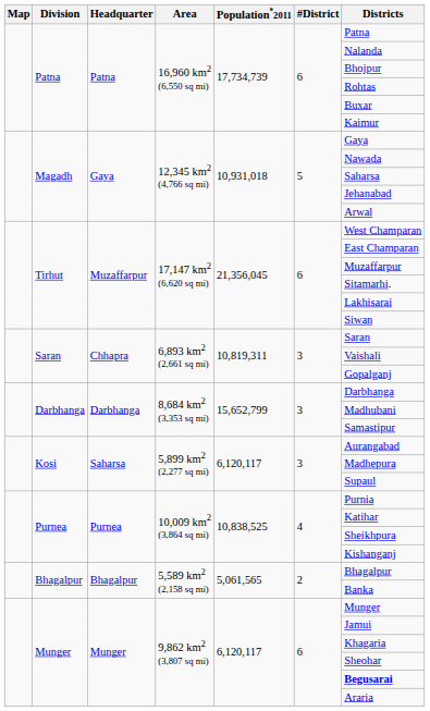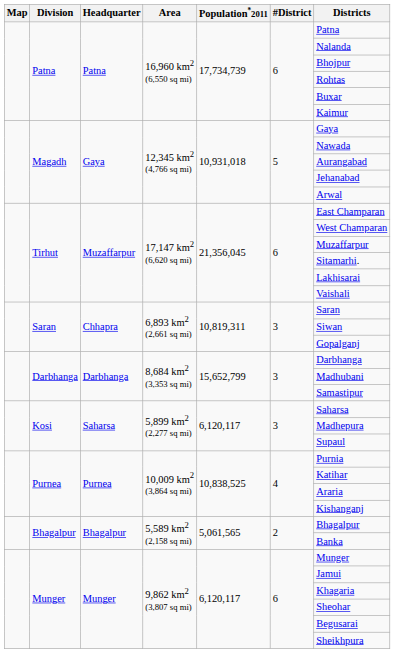 <table class="wikitable">
 <tr>
 <th>Map</th>
 <th>Division</th>
 <th>Headquarter</th>
 <th>Area</th>
 <th>Population<small><sup>*</sup>2011</small></th>
 <th>#District</th>
 <th>Districts</th>
 </tr>
 <tr>
 <td rowspan="6"></td>
 <td rowspan="6"><a href='#'>Patna</a></td>
 <td rowspan="6"><a href='#'>Patna</a></td>
 <td rowspan="6">16,960 km<sup>2</sup><br><small>(6,550 sq mi)</small></td>
 <td rowspan="6">17,734,739</td>
 <td rowspan="6">6</td>
 <td><a href='#'>Patna</a></td>
 </tr>
 <tr>
 <td><a href='#'>Nalanda</a></td>
 </tr>
 <tr>
 <td><a href='#'>Bhojpur</a></td>
 </tr>
 <tr>
 <td><a href='#'>Rohtas</a></td>
 </tr>
 <tr>
 <td><a href='#'>Buxar</a></td>
 </tr>
 <tr>
 <td><a href='#'>Kaimur</a></td>
 </tr>
 <tr>
 <td rowspan="5"></td>
 <td rowspan="5"><a href='#'>Magadh</a></td>
 <td rowspan="5"><a href='#'>Gaya</a></td>
 <td rowspan="5">12,345 km<sup>2</sup><br><small>(4,766 sq mi)</small></td>
 <td rowspan="5">10,931,018</td>
 <td rowspan="5">5</td>
 <td><a href='#'>Gaya</a></td>
 </tr>
 <tr>
 <td><a href='#'>Nawada</a></td>
 </tr>
 <tr>
-<td><a href='#'>Saharsa</a></td>
+<td><a href='#'>Aurangabad</a></td>
 </tr>
 <tr>
 <td><a href='#'>Jehanabad</a></td>
 </tr>
 <tr>
 <td><a href='#'>Arwal</a></td>
 </tr>
 <tr>
 <td rowspan="6"></td>
 <td rowspan="6"><a href='#'>Tirhut</a></td>
 <td rowspan="6"><a href='#'>Muzaffarpur</a></td>
 <td rowspan="6">17,147 km<sup>2</sup><br><small>(6,620 sq mi)</small></td>
 <td rowspan="6">21,356,045</td>
 <td rowspan="6">6</td>
-<td><a href='#'>West Champaran</a></td>
+<td><a href='#'>East Champaran</a></td>
 </tr>
 <tr>
-<td><a href='#'>East Champaran</a></td>
+<td><a href='#'>West Champaran</a></td>
 </tr>
 <tr>
 <td><a href='#'>Muzaffarpur</a></td>
 </tr>
 <tr>
 <td><a href='#'>Sitamarhi</a>.</td>
 </tr>
 <tr>
 <td><a href='#'>Lakhisarai</a></td>
 </tr>
 <tr>
-<td><a href='#'>Siwan</a></td>
+<td><a href='#'>Vaishali</a></td>
 </tr>
 <tr>
 <td rowspan="3"></td>
 <td rowspan="3"><a href='#'>Saran</a></td>
 <td rowspan="3"><a href='#'>Chhapra</a></td>
 <td rowspan="3">6,893 km<sup>2</sup><br><small>(2,661 sq mi)</small></td>
 <td rowspan="3">10,819,311</td>
 <td rowspan="3">3</td>
 <td><a href='#'>Saran</a></td>
 </tr>
 <tr>
-<td><a href='#'>Vaishali</a></td>
+<td><a href='#'>Siwan</a></td>
 </tr>
 <tr>
 <td><a href='#'>Gopalganj</a></td>
 </tr>
 <tr>
 <td rowspan="3"></td>
 <td rowspan="3"><a href='#'>Darbhanga</a></td>
 <td rowspan="3"><a href='#'>Darbhanga</a></td>
 <td rowspan="3">8,684 km<sup>2</sup><br><small>(3,353 sq mi)</small></td>
 <td rowspan="3">15,652,799</td>
 <td rowspan="3">3</td>
 <td><a href='#'>Darbhanga</a></td>
 </tr>
 <tr>
 <td><a href='#'>Madhubani</a></td>
 </tr>
 <tr>
 <td><a href='#'>Samastipur</a></td>
 </tr>
 <tr>
 <td rowspan="3"></td>
 <td rowspan="3"><a href='#'>Kosi</a></td>
 <td rowspan="3"><a href='#'>Saharsa</a></td>
 <td rowspan="3">5,899 km<sup>2</sup><br><small>(2,277 sq mi)</small></td>
 <td rowspan="3">6,120,117</td>
 <td rowspan="3">3</td>
-<td><a href='#'>Aurangabad</a></td>
+<td><a href='#'>Saharsa</a></td>
 </tr>
 <tr>
 <td><a href='#'>Madhepura</a></td>
 </tr>
 <tr>
 <td><a href='#'>Supaul</a></td>
 </tr>
 <tr>
 <td rowspan="4"></td>
 <td rowspan="4"><a href='#'>Purnea</a></td>
 <td rowspan="4"><a href='#'>Purnea</a></td>
 <td rowspan="4">10,009 km<sup>2</sup><br><small>(3,864 sq mi)</small></td>
 <td rowspan="4">10,838,525</td>
 <td rowspan="4">4</td>
 <td><a href='#'>Purnia</a></td>
 </tr>
 <tr>
 <td><a href='#'>Katihar</a></td>
 </tr>
 <tr>
-<td><a href='#'>Sheikhpura</a></td>
+<td><a href='#'>Araria</a></td>
 </tr>
 <tr>
 <td><a href='#'>Kishanganj</a></td>
 </tr>
 <tr>
 <td rowspan="2"></td>
 <td rowspan="2"><a href='#'>Bhagalpur</a></td>
 <td rowspan="2"><a href='#'>Bhagalpur</a></td>
 <td rowspan="2">5,589 km<sup>2</sup><br><small>(2,158 sq mi)</small></td>
 <td rowspan="2">5,061,565</td>
 <td rowspan="2">2</td>
 <td><a href='#'>Bhagalpur</a></td>
 </tr>
 <tr>
 <td><a href='#'>Banka</a></td>
 </tr>
 <tr>
 <td rowspan="6"></td>
 <td rowspan="6"><a href='#'>Munger</a></td>
 <td rowspan="6"><a href='#'>Munger</a></td>
 <td rowspan="6">9,862 km<sup>2</sup><br><small>(3,807 sq mi)</small></td>
 <td rowspan="6">6,120,117</td>
 <td rowspan="6">6</td>
 <td><a href='#'>Munger</a></td>
 </tr>
 <tr>
 <td><a href='#'>Jamui</a></td>
 </tr>
 <tr>
 <td><a href='#'>Khagaria</a></td>
 </tr>
 <tr>
 <td><a href='#'>Sheohar</a></td>
 </tr>
 <tr>
-<td><strong><a href='#'>Begusarai</a></strong></td>
+<td><a href='#'>Begusarai</a></td>
 </tr>
 <tr>
-<td><a href='#'>Araria</a></td>
+<td><a href='#'>Sheikhpura</a></td>
 </tr>
 </table>
